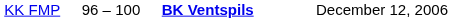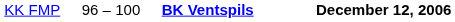 <table style="text-align:center">
 <tr>
 <th width=160></th>
 <th width=100></th>
 <th width=160></th>
 <th width=200></th>
 </tr>
 <tr>
 <td align=right><a href='#'>KK FMP</a> </td>
 <td>96 – 100</td>
 <td align=left> <strong><a href='#'>BK Ventspils</a></strong></td>
-<td align=left>December 12, 2006</td>
+<td align=left><strong>December 12, 2006</strong></td>
 </tr>
 </table>
